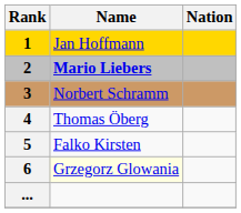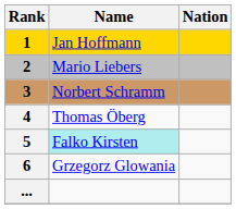 <table class="wikitable">
 <tr>
 <th>Rank</th>
 <th>Name</th>
 <th>Nation</th>
 </tr>
 <tr bgcolor="gold">
 <td align="center"><strong>1</strong></td>
 <td><a href='#'>Jan Hoffmann</a></td>
 <td></td>
 </tr>
 <tr bgcolor="silver">
 <td align="center"><strong>2</strong></td>
-<td><strong><a href='#'>Mario Liebers</a></strong></td>
+<td><a href='#'>Mario Liebers</a></td>
 <td></td>
 </tr>
 <tr bgcolor="cc9966">
 <td align="center"><strong>3</strong></td>
 <td><a href='#'>Norbert Schramm</a></td>
 <td></td>
 </tr>
 <tr>
 <th>4</th>
 <td><a href='#'>Thomas Öberg</a></td>
 <td></td>
 </tr>
 <tr>
 <th>5</th>
-<td><a href='#'>Falko Kirsten</a></td>
+<td style="background: paleturquoise;"><a href='#'>Falko Kirsten</a></td>
 <td></td>
 </tr>
 <tr>
 <th>6</th>
-<td style="background: lightyellow;"><a href='#'>Grzegorz Glowania</a></td>
+<td><a href='#'>Grzegorz Glowania</a></td>
 <td></td>
 </tr>
 <tr>
 <th>...</th>
 <td></td>
 <td></td>
 </tr>
 <tr>
 </tr>
 </table>
